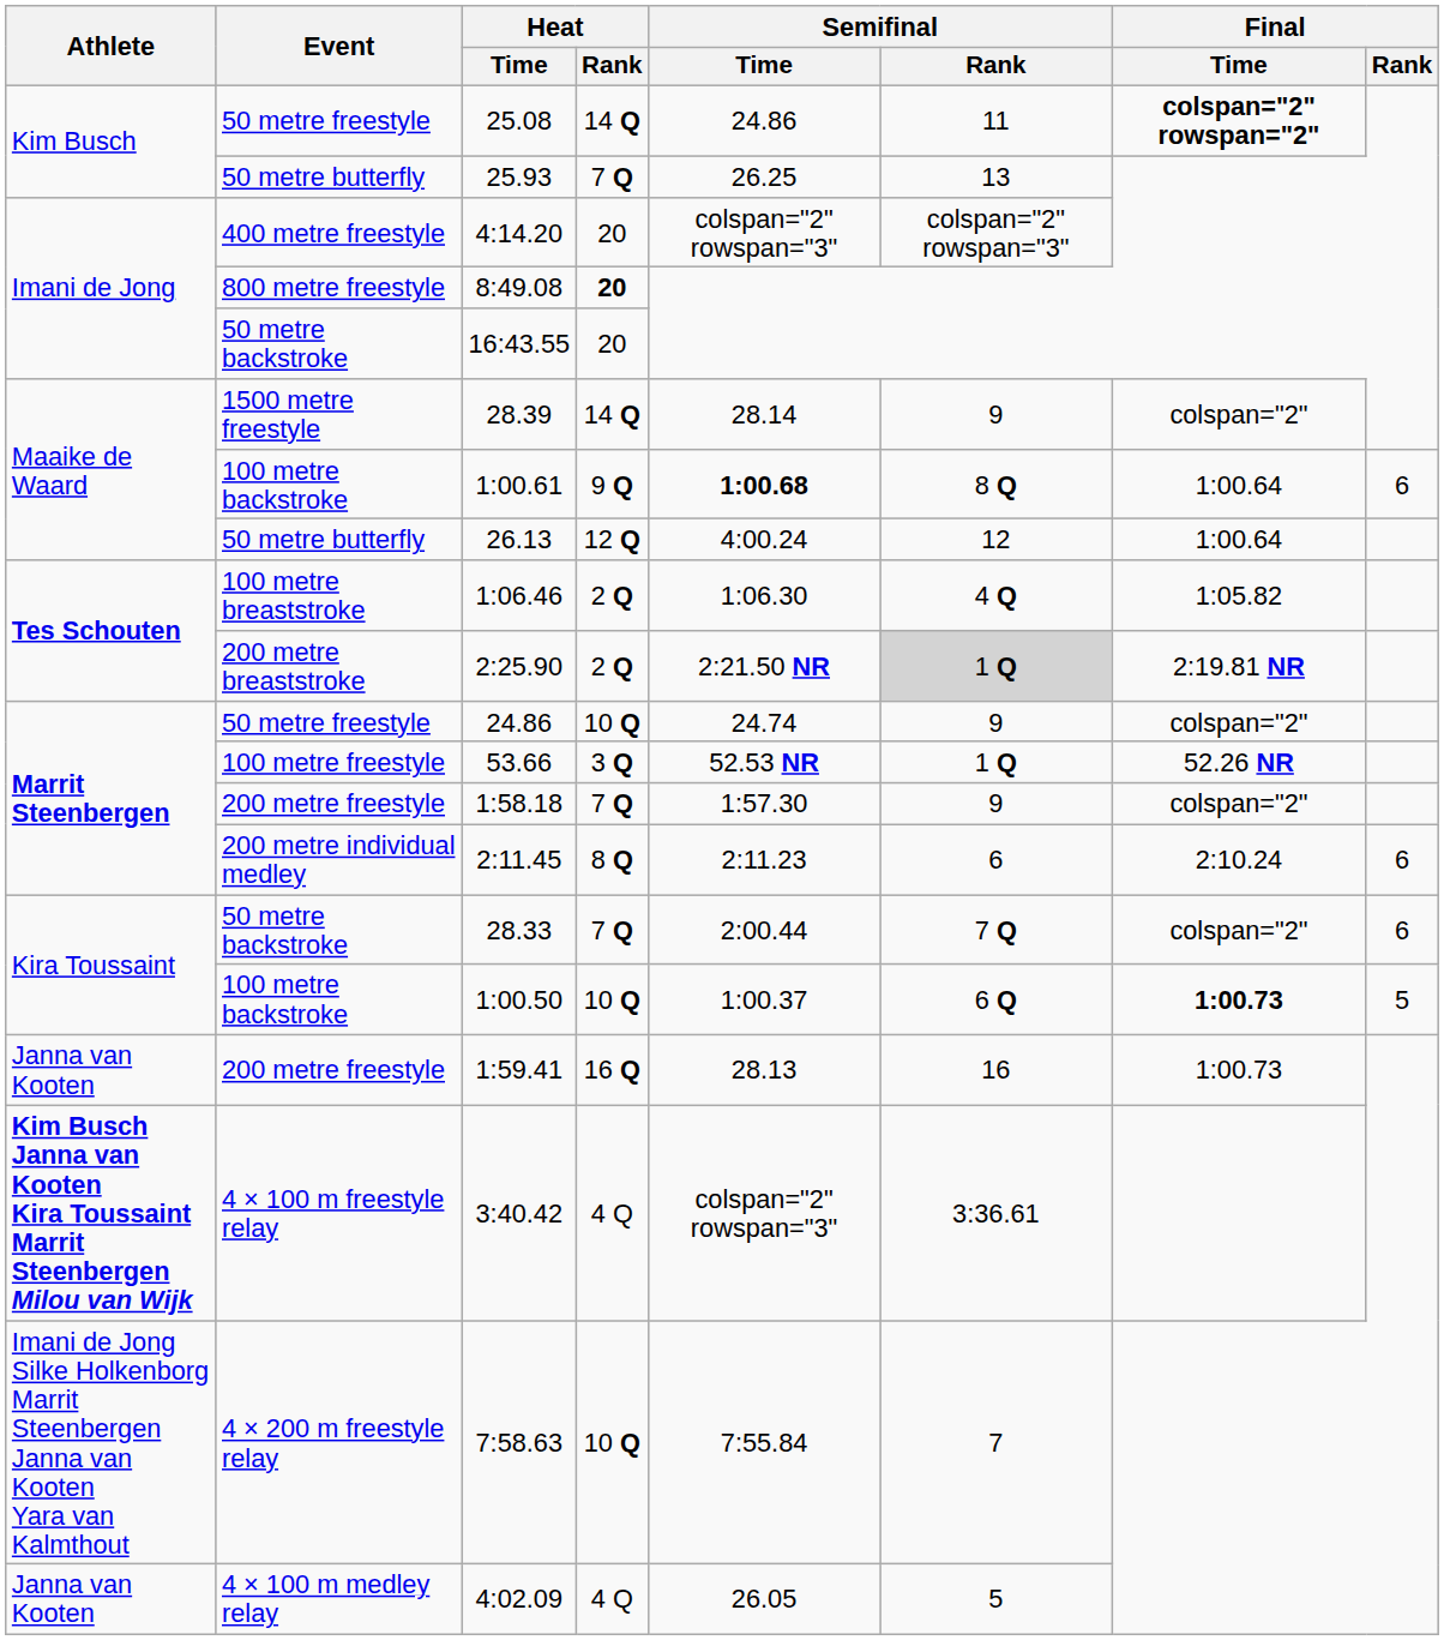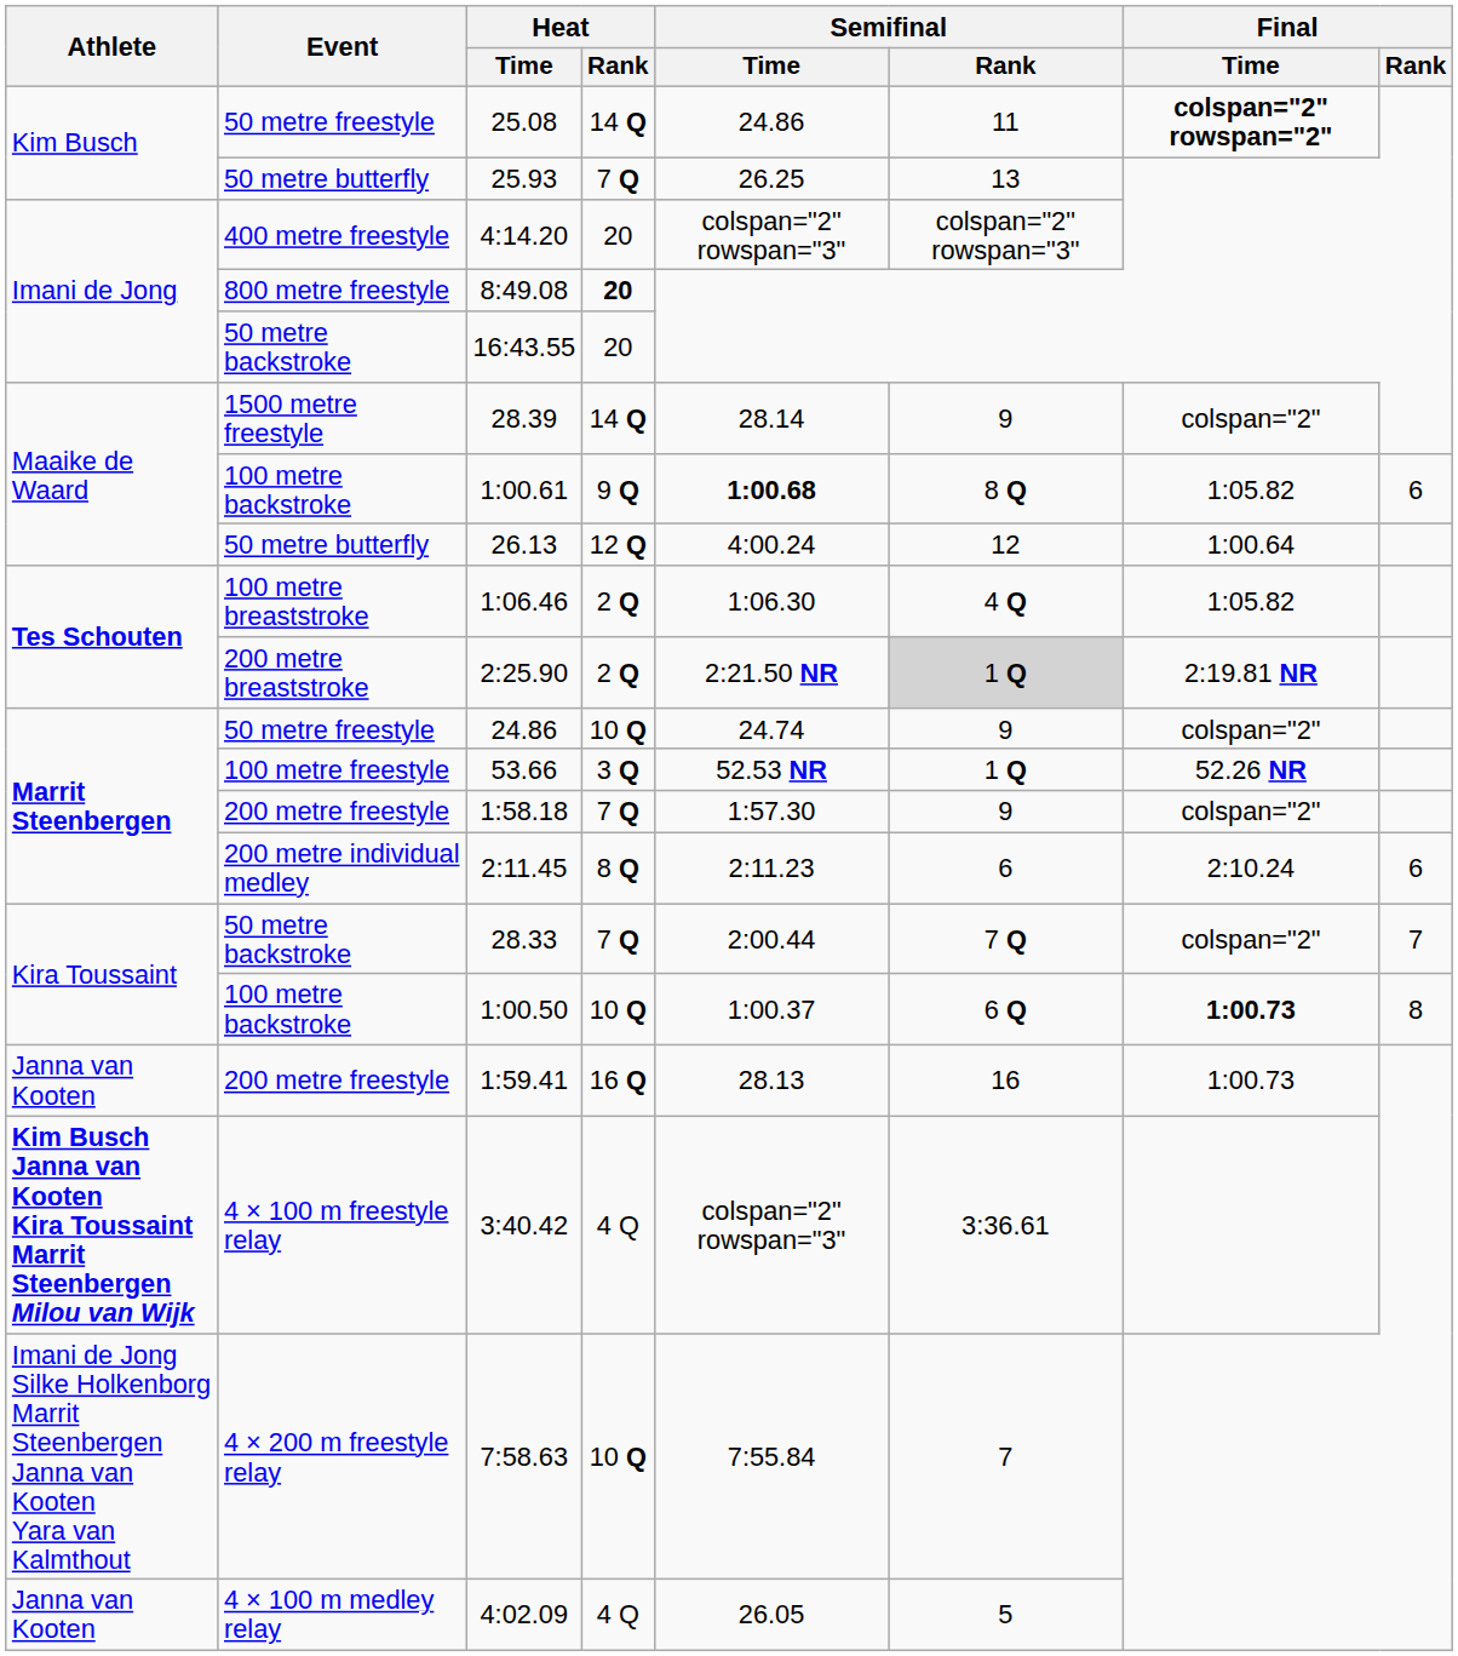 <table class="wikitable" style="text-align:center; font-size:90%; width:50%;">
 <tr>
 <th rowspan="2">Athlete</th>
 <th rowspan="2">Event</th>
 <th colspan="2">Heat</th>
 <th colspan="2">Semifinal</th>
 <th colspan="2">Final</th>
 </tr>
 <tr style="font-size:95%">
 <th>Time</th>
 <th>Rank</th>
 <th>Time</th>
 <th>Rank</th>
 <th>Time</th>
 <th>Rank</th>
 </tr>
 <tr align=center>
 <td align=left rowspan="2"><a href='#'>Kim Busch</a></td>
 <td align=left><a href='#'>50 metre freestyle</a></td>
 <td>25.08</td>
 <td>14 <strong>Q</strong></td>
 <td>24.86</td>
 <td>11</td>
 <td><strong>colspan="2" rowspan="2" </strong></td>
 </tr>
 <tr align=center>
 <td align=left><a href='#'>50 metre butterfly</a></td>
 <td>25.93</td>
 <td>7 <strong>Q</strong></td>
 <td>26.25</td>
 <td>13</td>
 </tr>
 <tr align=center>
 <td align=left rowspan="3"><a href='#'>Imani de Jong</a></td>
 <td align=left><a href='#'>400 metre freestyle</a></td>
 <td>4:14.20</td>
 <td>20</td>
 <td>colspan="2" rowspan="3" </td>
 <td>colspan="2" rowspan="3" </td>
 </tr>
 <tr align=center>
 <td align=left><a href='#'>800 metre freestyle</a></td>
 <td>8:49.08</td>
 <td><strong>20</strong></td>
 </tr>
 <tr align=center>
 <td align=left><a href='#'>50 metre backstroke</a></td>
 <td>16:43.55</td>
 <td>20</td>
 </tr>
 <tr align=center>
 <td align=left rowspan="3"><a href='#'>Maaike de Waard</a></td>
 <td align=left><a href='#'>1500 metre freestyle</a></td>
 <td>28.39</td>
 <td>14 <strong>Q</strong></td>
 <td>28.14</td>
 <td>9</td>
 <td>colspan="2" </td>
 </tr>
 <tr align=center>
 <td align=left><a href='#'>100 metre backstroke</a></td>
 <td>1:00.61</td>
 <td>9 <strong>Q</strong></td>
 <td><strong>1:00.68</strong></td>
 <td>8 <strong>Q</strong></td>
-<td>1:00.64</td>
+<td>1:05.82</td>
 <td>6</td>
 </tr>
 <tr align=center>
 <td align=left><a href='#'>50 metre butterfly</a></td>
 <td>26.13</td>
 <td>12 <strong>Q</strong></td>
 <td>4:00.24</td>
 <td>12</td>
 <td>1:00.64</td>
 </tr>
 <tr align=center>
 <td align=left rowspan="2"><strong><a href='#'>Tes Schouten</a></strong></td>
 <td align=left><a href='#'>100 metre breaststroke</a></td>
 <td>1:06.46</td>
 <td>2 <strong>Q</strong></td>
 <td>1:06.30</td>
 <td>4 <strong>Q</strong></td>
 <td>1:05.82</td>
 <td></td>
 </tr>
 <tr align=center>
 <td align=left><a href='#'>200 metre breaststroke</a></td>
 <td>2:25.90</td>
 <td>2 <strong>Q</strong></td>
 <td>2:21.50 <strong><a href='#'>NR</a></strong></td>
 <td style="background: lightgrey;">1 <strong>Q</strong></td>
 <td>2:19.81 <strong><a href='#'>NR</a></strong></td>
 <td></td>
 </tr>
 <tr align=center>
 <td align=left rowspan="4"><strong><a href='#'>Marrit Steenbergen</a></strong></td>
 <td align=left><a href='#'>50 metre freestyle</a></td>
 <td>24.86</td>
 <td>10 <strong>Q</strong></td>
 <td>24.74</td>
 <td>9</td>
 <td>colspan="2" </td>
 </tr>
 <tr align=center>
 <td align=left><a href='#'>100 metre freestyle</a></td>
 <td>53.66</td>
 <td>3 <strong>Q</strong></td>
 <td>52.53 <strong><a href='#'>NR</a></strong></td>
 <td>1 <strong>Q</strong></td>
 <td>52.26 <strong><a href='#'>NR</a></strong></td>
 <td></td>
 </tr>
 <tr align=center>
 <td align=left><a href='#'>200 metre freestyle</a></td>
 <td>1:58.18</td>
 <td>7 <strong>Q</strong></td>
 <td>1:57.30</td>
 <td>9</td>
 <td>colspan="2" </td>
 </tr>
 <tr align=center>
 <td align=left><a href='#'>200 metre individual medley</a></td>
 <td>2:11.45</td>
 <td>8 <strong>Q</strong></td>
 <td>2:11.23</td>
 <td>6</td>
 <td>2:10.24</td>
 <td>6</td>
 </tr>
 <tr align=center>
 <td align=left rowspan="2"><a href='#'>Kira Toussaint</a></td>
 <td align=left><a href='#'>50 metre backstroke</a></td>
 <td>28.33</td>
 <td>7 <strong>Q</strong></td>
 <td>2:00.44</td>
 <td>7 <strong>Q</strong></td>
 <td>colspan="2" </td>
-<td>6</td>
+<td>7</td>
 </tr>
 <tr align=center>
 <td align=left><a href='#'>100 metre backstroke</a></td>
 <td>1:00.50</td>
 <td>10 <strong>Q</strong></td>
 <td>1:00.37</td>
 <td>6 <strong>Q</strong></td>
 <td><strong>1:00.73</strong></td>
-<td>5</td>
+<td>8</td>
 </tr>
 <tr align=center>
 <td align=left><a href='#'>Janna van Kooten</a></td>
 <td align=left><a href='#'>200 metre freestyle</a></td>
 <td>1:59.41</td>
 <td>16 <strong>Q</strong></td>
 <td>28.13</td>
 <td>16</td>
 <td>1:00.73</td>
 </tr>
 <tr>
 <td align=left><strong><a href='#'>Kim Busch</a><br><a href='#'>Janna van Kooten</a><br><a href='#'>Kira Toussaint</a><br><a href='#'>Marrit Steenbergen</a><br><em><a href='#'>Milou van Wijk</a><strong><em></td>
 <td align=left><a href='#'>4 × 100 m freestyle relay</a></td>
 <td>3:40.42</td>
 <td>4 </strong>Q<strong></td>
 <td>colspan="2" rowspan="3" </td>
 <td>3:36.61</td>
 <td></td>
 </tr>
 <tr>
 <td align=left><a href='#'>Imani de Jong</a>  <br><a href='#'>Silke Holkenborg</a>  <br><a href='#'>Marrit Steenbergen</a>  <br><a href='#'>Janna van Kooten</a><br></em><a href='#'>Yara van Kalmthout</a><em></td>
 <td align=left><a href='#'>4 × 200 m freestyle relay</a></td>
 <td>7:58.63</td>
 <td>10 <strong>Q</strong></td>
 <td>7:55.84</td>
 <td>7</td>
 </tr>
 <tr>
 <td align=left><a href='#'>Janna van Kooten</a></td>
 <td align=left><a href='#'>4 × 100 m  medley relay</a></td>
 <td>4:02.09</td>
 <td>4 </strong>Q<strong></td>
 <td>26.05</td>
 <td>5</td>
 </tr>
 </table>
